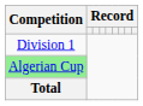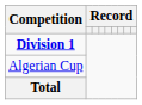 <table class="wikitable" style="text-align: center">
 <tr>
 <th rowspan=2>Competition</th>
 <th colspan=8>Record</th>
 </tr>
 <tr>
 <th></th>
 <th></th>
 <th></th>
 <th></th>
 <th></th>
 <th></th>
 <th></th>
 <th></th>
 </tr>
 <tr>
-<td><a href='#'>Division 1</a><br></td>
+<td><strong><a href='#'>Division 1</a><br></strong></td>
 </tr>
 <tr>
-<td style="background: lightgreen;"><a href='#'>Algerian Cup</a><br></td>
+<td><a href='#'>Algerian Cup</a><br></td>
 </tr>
 <tr>
 <th>Total<br></th>
 </tr>
 </table>
